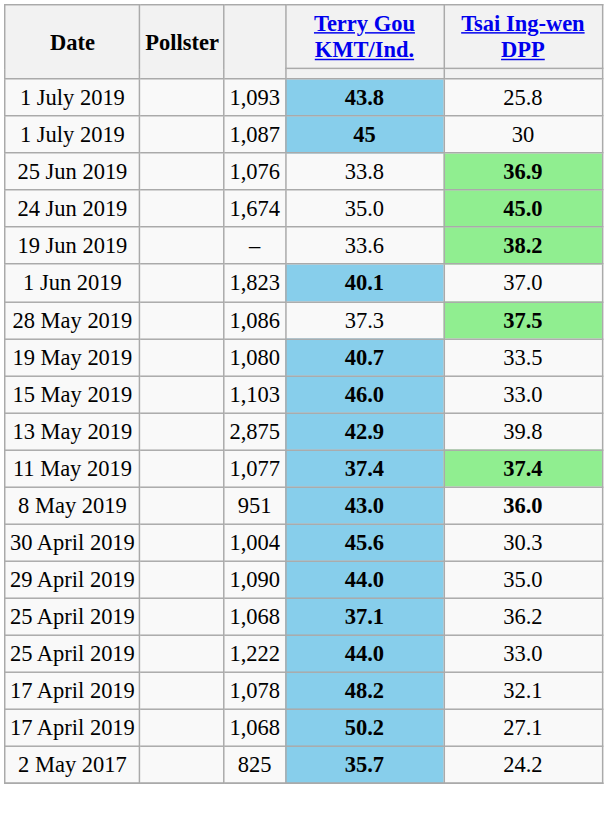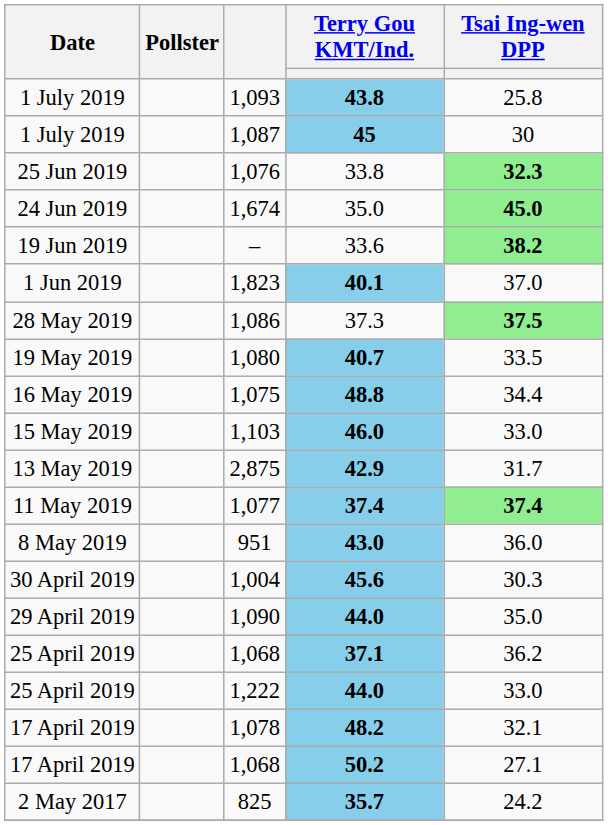 <table class="wikitable sortable collapsible" style="font-size:95%; text-align:center">
 <tr>
 <th rowspan=2>Date</th>
 <th rowspan=2>Pollster</th>
 <th rowspan=2></th>
 <th width=100px><a href='#'>Terry Gou</a><br><a href='#'>KMT/Ind.</a></th>
 <th width=100px><a href='#'>Tsai Ing-wen</a><br><a href='#'>DPP</a></th>
 </tr>
 <tr>
 <th style="background:"></th>
 <th style="background:"></th>
 </tr>
 <tr>
 <td>1 July 2019</td>
 <td></td>
 <td>1,093</td>
 <td bgcolor="#87ceeb"><strong>43.8</strong></td>
 <td>25.8</td>
 </tr>
 <tr>
 <td>1 July 2019</td>
 <td></td>
 <td>1,087</td>
 <td bgcolor="#87ceeb"><strong>45</strong></td>
 <td>30</td>
 </tr>
 <tr>
 <td>25 Jun 2019</td>
 <td></td>
 <td>1,076</td>
 <td>33.8</td>
-<td bgcolor="#90ee90"><strong>36.9</strong></td>
+<td bgcolor="#90ee90"><strong>32.3</strong></td>
 </tr>
 <tr>
 <td>24 Jun 2019</td>
 <td></td>
 <td>1,674</td>
 <td>35.0</td>
 <td bgcolor="#90ee90"><strong>45.0</strong></td>
 </tr>
 <tr>
 <td>19 Jun 2019</td>
 <td></td>
 <td>–</td>
 <td>33.6</td>
 <td bgcolor="#90ee90"><strong>38.2</strong></td>
 </tr>
 <tr>
 <td>1 Jun 2019</td>
 <td></td>
 <td>1,823</td>
 <td style="background-color:skyblue;"><strong>40.1</strong></td>
 <td>37.0</td>
 </tr>
 <tr>
 <td>28 May 2019</td>
 <td></td>
 <td>1,086</td>
 <td>37.3</td>
 <td style="background-color:lightgreen;"><strong> 37.5</strong></td>
 </tr>
 <tr>
 <td>19 May 2019</td>
 <td></td>
 <td>1,080</td>
 <td style="background-color:skyblue;"><strong>40.7</strong></td>
 <td>33.5</td>
 </tr>
 <tr>
+<td>16 May 2019</td>
+<td></td>
+<td>1,075</td>
+<td style="background-color:skyblue;"><strong>48.8</strong></td>
+<td>34.4</td>
+</tr>
+<tr>
 <td>15 May 2019</td>
 <td></td>
 <td>1,103</td>
 <td style="background-color:skyblue;"><strong>46.0</strong></td>
 <td>33.0</td>
 </tr>
 <tr>
 <td>13 May 2019</td>
 <td></td>
 <td>2,875</td>
 <td style="background-color:skyblue;"><strong>42.9</strong></td>
-<td>39.8</td>
+<td>31.7</td>
 </tr>
 <tr>
 <td>11 May 2019</td>
 <td></td>
 <td>1,077</td>
 <td style="background-color:skyblue;"><strong>37.4</strong></td>
 <td style="background-color:lightgreen;"><strong>37.4</strong></td>
 </tr>
 <tr>
 <td>8 May 2019</td>
 <td></td>
 <td>951</td>
 <td style="background-color:skyblue;"><strong>43.0</strong></td>
-<td><strong>36.0</strong></td>
+<td>36.0</td>
 </tr>
 <tr>
 <td>30 April 2019</td>
 <td></td>
 <td>1,004</td>
 <td style="background-color:skyblue;"><strong>45.6</strong></td>
 <td>30.3</td>
 </tr>
 <tr>
 <td>29 April 2019</td>
 <td></td>
 <td>1,090</td>
 <td style="background-color:skyblue;"><strong>44.0</strong></td>
 <td>35.0</td>
 </tr>
 <tr>
 <td>25 April 2019</td>
 <td></td>
 <td>1,068</td>
 <td style="background-color:skyblue;"><strong>37.1</strong></td>
 <td>36.2</td>
 </tr>
 <tr>
 <td>25 April 2019</td>
 <td></td>
 <td>1,222</td>
 <td style="background-color:skyblue;"><strong>44.0</strong></td>
 <td>33.0</td>
 </tr>
 <tr>
 <td>17 April 2019</td>
 <td></td>
 <td>1,078</td>
 <td style="background-color:skyblue;"><strong>48.2</strong></td>
 <td>32.1</td>
 </tr>
 <tr>
 <td>17 April 2019</td>
 <td></td>
 <td>1,068</td>
 <td style="background-color:skyblue;"><strong>50.2</strong></td>
 <td>27.1</td>
 </tr>
 <tr>
 <td>2 May 2017</td>
 <td></td>
 <td>825</td>
 <td style="background-color:skyblue;"><strong>35.7</strong></td>
 <td>24.2</td>
 </tr>
 <tr>
 </tr>
 </table>
